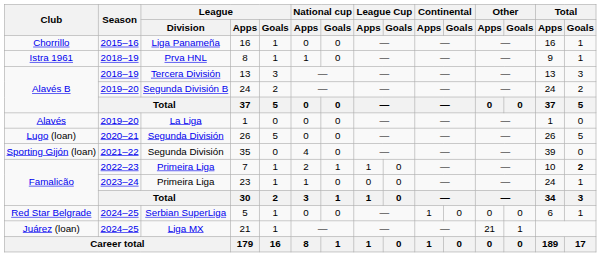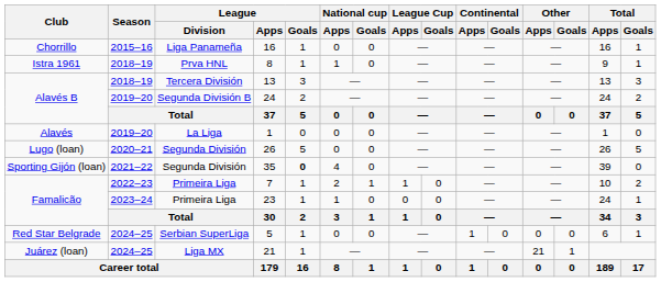 <table class="wikitable" style="text-align:center">
 <tr>
 <th rowspan="2">Club</th>
 <th rowspan="2">Season</th>
 <th colspan="3">League</th>
 <th colspan="2">National cup</th>
 <th colspan="2">League Cup</th>
 <th colspan="2">Continental</th>
 <th colspan="2">Other</th>
 <th colspan="2">Total</th>
 </tr>
 <tr>
 <th>Division</th>
 <th>Apps</th>
 <th>Goals</th>
 <th>Apps</th>
 <th>Goals</th>
 <th>Apps</th>
 <th>Goals</th>
 <th>Apps</th>
 <th>Goals</th>
 <th>Apps</th>
 <th>Goals</th>
 <th>Apps</th>
 <th>Goals</th>
 </tr>
 <tr>
 <td><a href='#'>Chorrillo</a></td>
 <td><a href='#'>2015–16</a></td>
 <td><a href='#'>Liga Panameña</a></td>
 <td>16</td>
 <td>1</td>
 <td>0</td>
 <td>0</td>
 <td colspan="2">—</td>
 <td colspan="2">—</td>
 <td colspan="2">—</td>
 <td>16</td>
 <td>1</td>
 </tr>
 <tr>
 <td><a href='#'>Istra 1961</a></td>
 <td><a href='#'>2018–19</a></td>
 <td><a href='#'>Prva HNL</a></td>
 <td>8</td>
 <td>1</td>
 <td>1</td>
 <td>0</td>
 <td colspan="2">—</td>
 <td colspan="2">—</td>
 <td colspan="2">—</td>
 <td>9</td>
 <td>1</td>
 </tr>
 <tr>
 <td rowspan="3"><a href='#'>Alavés B</a></td>
 <td><a href='#'>2018–19</a></td>
 <td><a href='#'>Tercera División</a></td>
 <td>13</td>
 <td>3</td>
 <td colspan="2">—</td>
 <td colspan="2">—</td>
 <td colspan="2">—</td>
 <td colspan="2">—</td>
 <td>13</td>
 <td>3</td>
 </tr>
 <tr>
 <td><a href='#'>2019–20</a></td>
 <td><a href='#'>Segunda División B</a></td>
 <td>24</td>
 <td>2</td>
 <td colspan="2">—</td>
 <td colspan="2">—</td>
 <td colspan="2">—</td>
 <td colspan="2">—</td>
 <td>24</td>
 <td>2</td>
 </tr>
 <tr>
 <th colspan="2">Total</th>
 <th>37</th>
 <th>5</th>
 <th>0</th>
 <th>0</th>
 <th colspan="2">—</th>
 <th colspan="2">—</th>
 <th>0</th>
 <th>0</th>
 <th>37</th>
 <th>5</th>
 </tr>
 <tr>
 <td><a href='#'>Alavés</a></td>
 <td><a href='#'>2019–20</a></td>
 <td><a href='#'>La Liga</a></td>
 <td>1</td>
 <td>0</td>
 <td>0</td>
 <td>0</td>
 <td colspan="2">—</td>
 <td colspan="2">—</td>
 <td colspan="2">—</td>
 <td>1</td>
 <td>0</td>
 </tr>
 <tr>
 <td><a href='#'>Lugo</a> (loan)</td>
 <td><a href='#'>2020–21</a></td>
 <td><a href='#'>Segunda División</a></td>
 <td>26</td>
 <td>5</td>
 <td>0</td>
 <td>0</td>
 <td colspan="2">—</td>
 <td colspan="2">—</td>
 <td colspan="2">—</td>
 <td>26</td>
 <td>5</td>
 </tr>
 <tr>
 <td><a href='#'>Sporting Gijón</a> (loan)</td>
 <td><a href='#'>2021–22</a></td>
 <td>Segunda División</td>
 <td>35</td>
-<td>0</td>
+<td><strong>0</strong></td>
 <td>4</td>
 <td>0</td>
 <td colspan="2">—</td>
 <td colspan="2">—</td>
 <td colspan="2">—</td>
 <td>39</td>
 <td>0</td>
 </tr>
 <tr>
 <td rowspan="3"><a href='#'>Famalicão</a></td>
 <td><a href='#'>2022–23</a></td>
 <td><a href='#'>Primeira Liga</a></td>
 <td>7</td>
 <td>1</td>
 <td>2</td>
 <td>1</td>
 <td>1</td>
 <td>0</td>
 <td colspan="2">—</td>
 <td colspan="2">—</td>
 <td>10</td>
-<td><strong>2</strong></td>
+<td>2</td>
 </tr>
 <tr>
 <td><a href='#'>2023–24</a></td>
 <td>Primeira Liga</td>
 <td>23</td>
 <td>1</td>
 <td>1</td>
 <td>0</td>
 <td>0</td>
 <td>0</td>
 <td colspan="2">—</td>
 <td colspan="2">—</td>
 <td>24</td>
 <td>1</td>
 </tr>
 <tr>
 <th colspan="2">Total</th>
 <th>30</th>
 <th>2</th>
 <th>3</th>
 <th>1</th>
 <th>1</th>
 <th>0</th>
 <th colspan="2">—</th>
 <th colspan="2">—</th>
 <th>34</th>
 <th>3</th>
 </tr>
 <tr>
 <td><a href='#'>Red Star Belgrade</a></td>
 <td><a href='#'>2024–25</a></td>
 <td><a href='#'>Serbian SuperLiga</a></td>
 <td>5</td>
 <td>1</td>
 <td>0</td>
 <td>0</td>
 <td colspan="2">—</td>
 <td>1</td>
 <td>0</td>
 <td>0</td>
 <td>0</td>
 <td>6</td>
 <td>1</td>
 </tr>
 <tr>
 <td><a href='#'>Juárez</a> (loan)</td>
 <td><a href='#'>2024–25</a></td>
 <td><a href='#'>Liga MX</a></td>
 <td>21</td>
 <td>1</td>
 <td colspan="2">—</td>
 <td colspan="2">—</td>
 <td colspan="2">—</td>
 <td>21</td>
 <td>1</td>
 </tr>
 <tr>
 <th colspan="3">Career total</th>
 <th>179</th>
 <th>16</th>
 <th>8</th>
 <th>1</th>
 <th>1</th>
 <th>0</th>
 <th>1</th>
 <th>0</th>
 <th>0</th>
 <th>0</th>
 <th>189</th>
 <th>17</th>
 </tr>
 </table>
